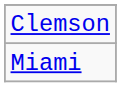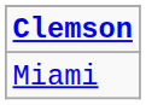 <table class="wikitable">
 <tr>
 </tr>
 <tr>
-<td><a href='#'>Clemson</a></td>
+<td><strong><a href='#'>Clemson</a></strong></td>
 </tr>
 <tr>
 <td><a href='#'>Miami</a></td>
 </tr>
 </table>
